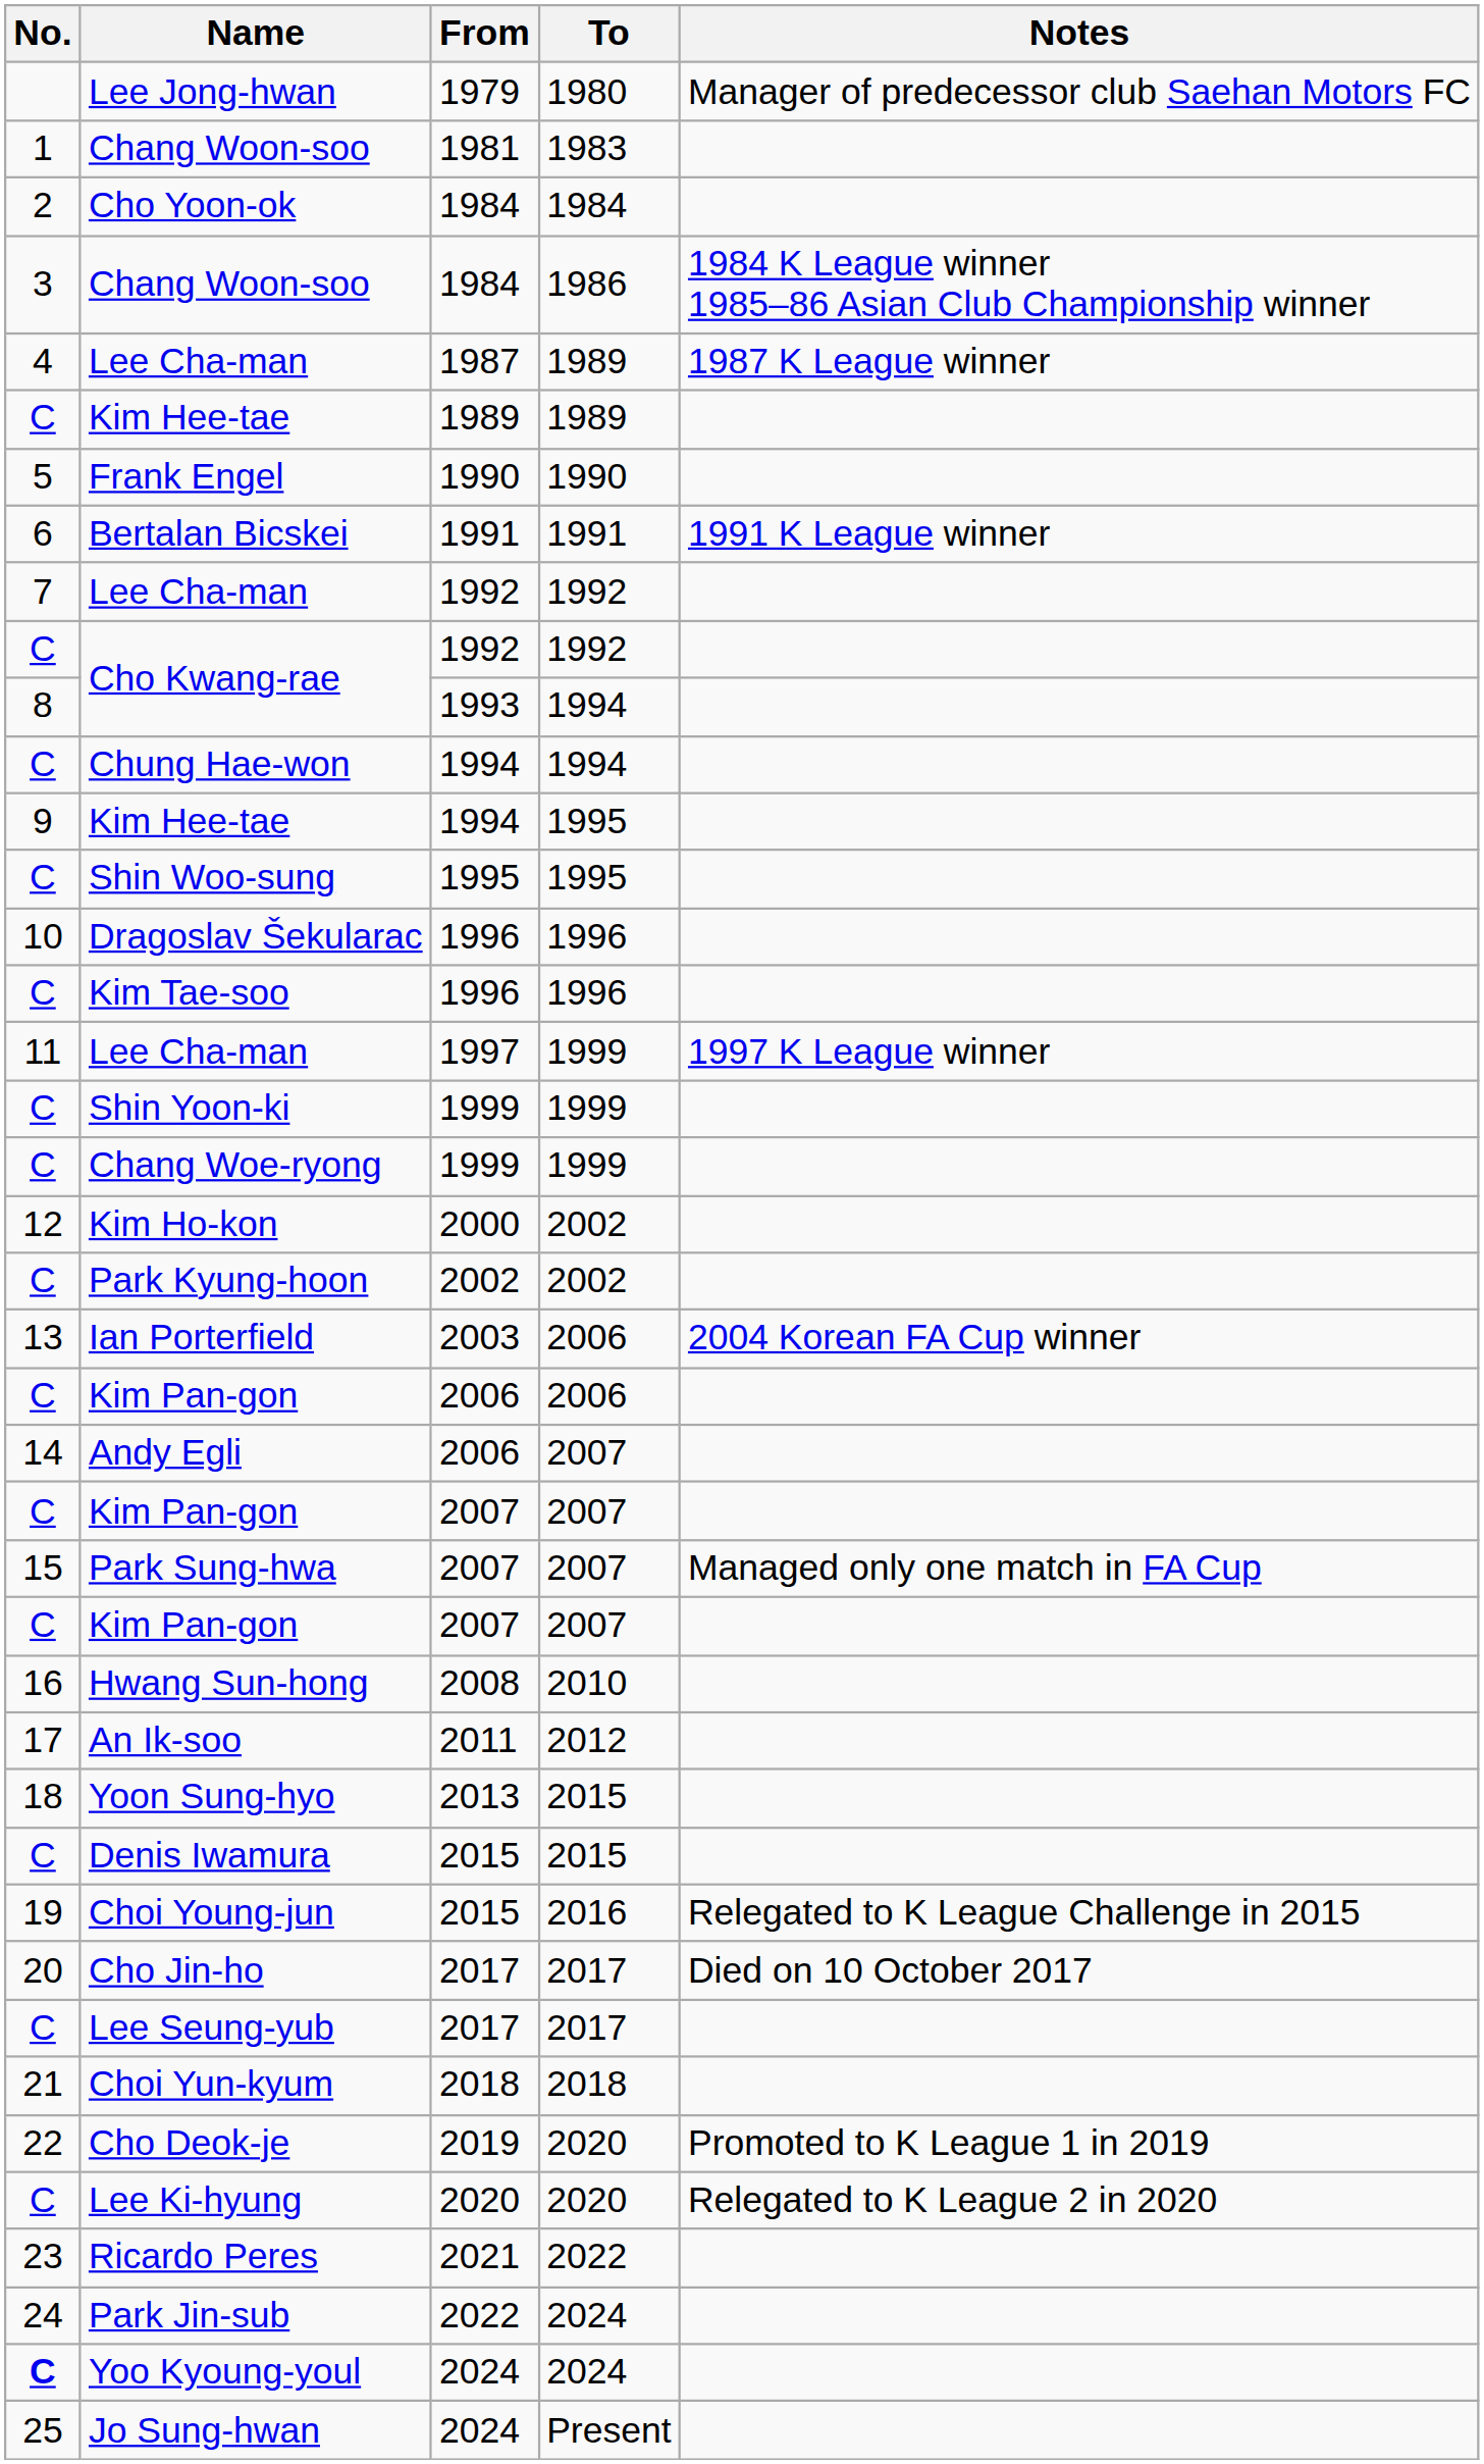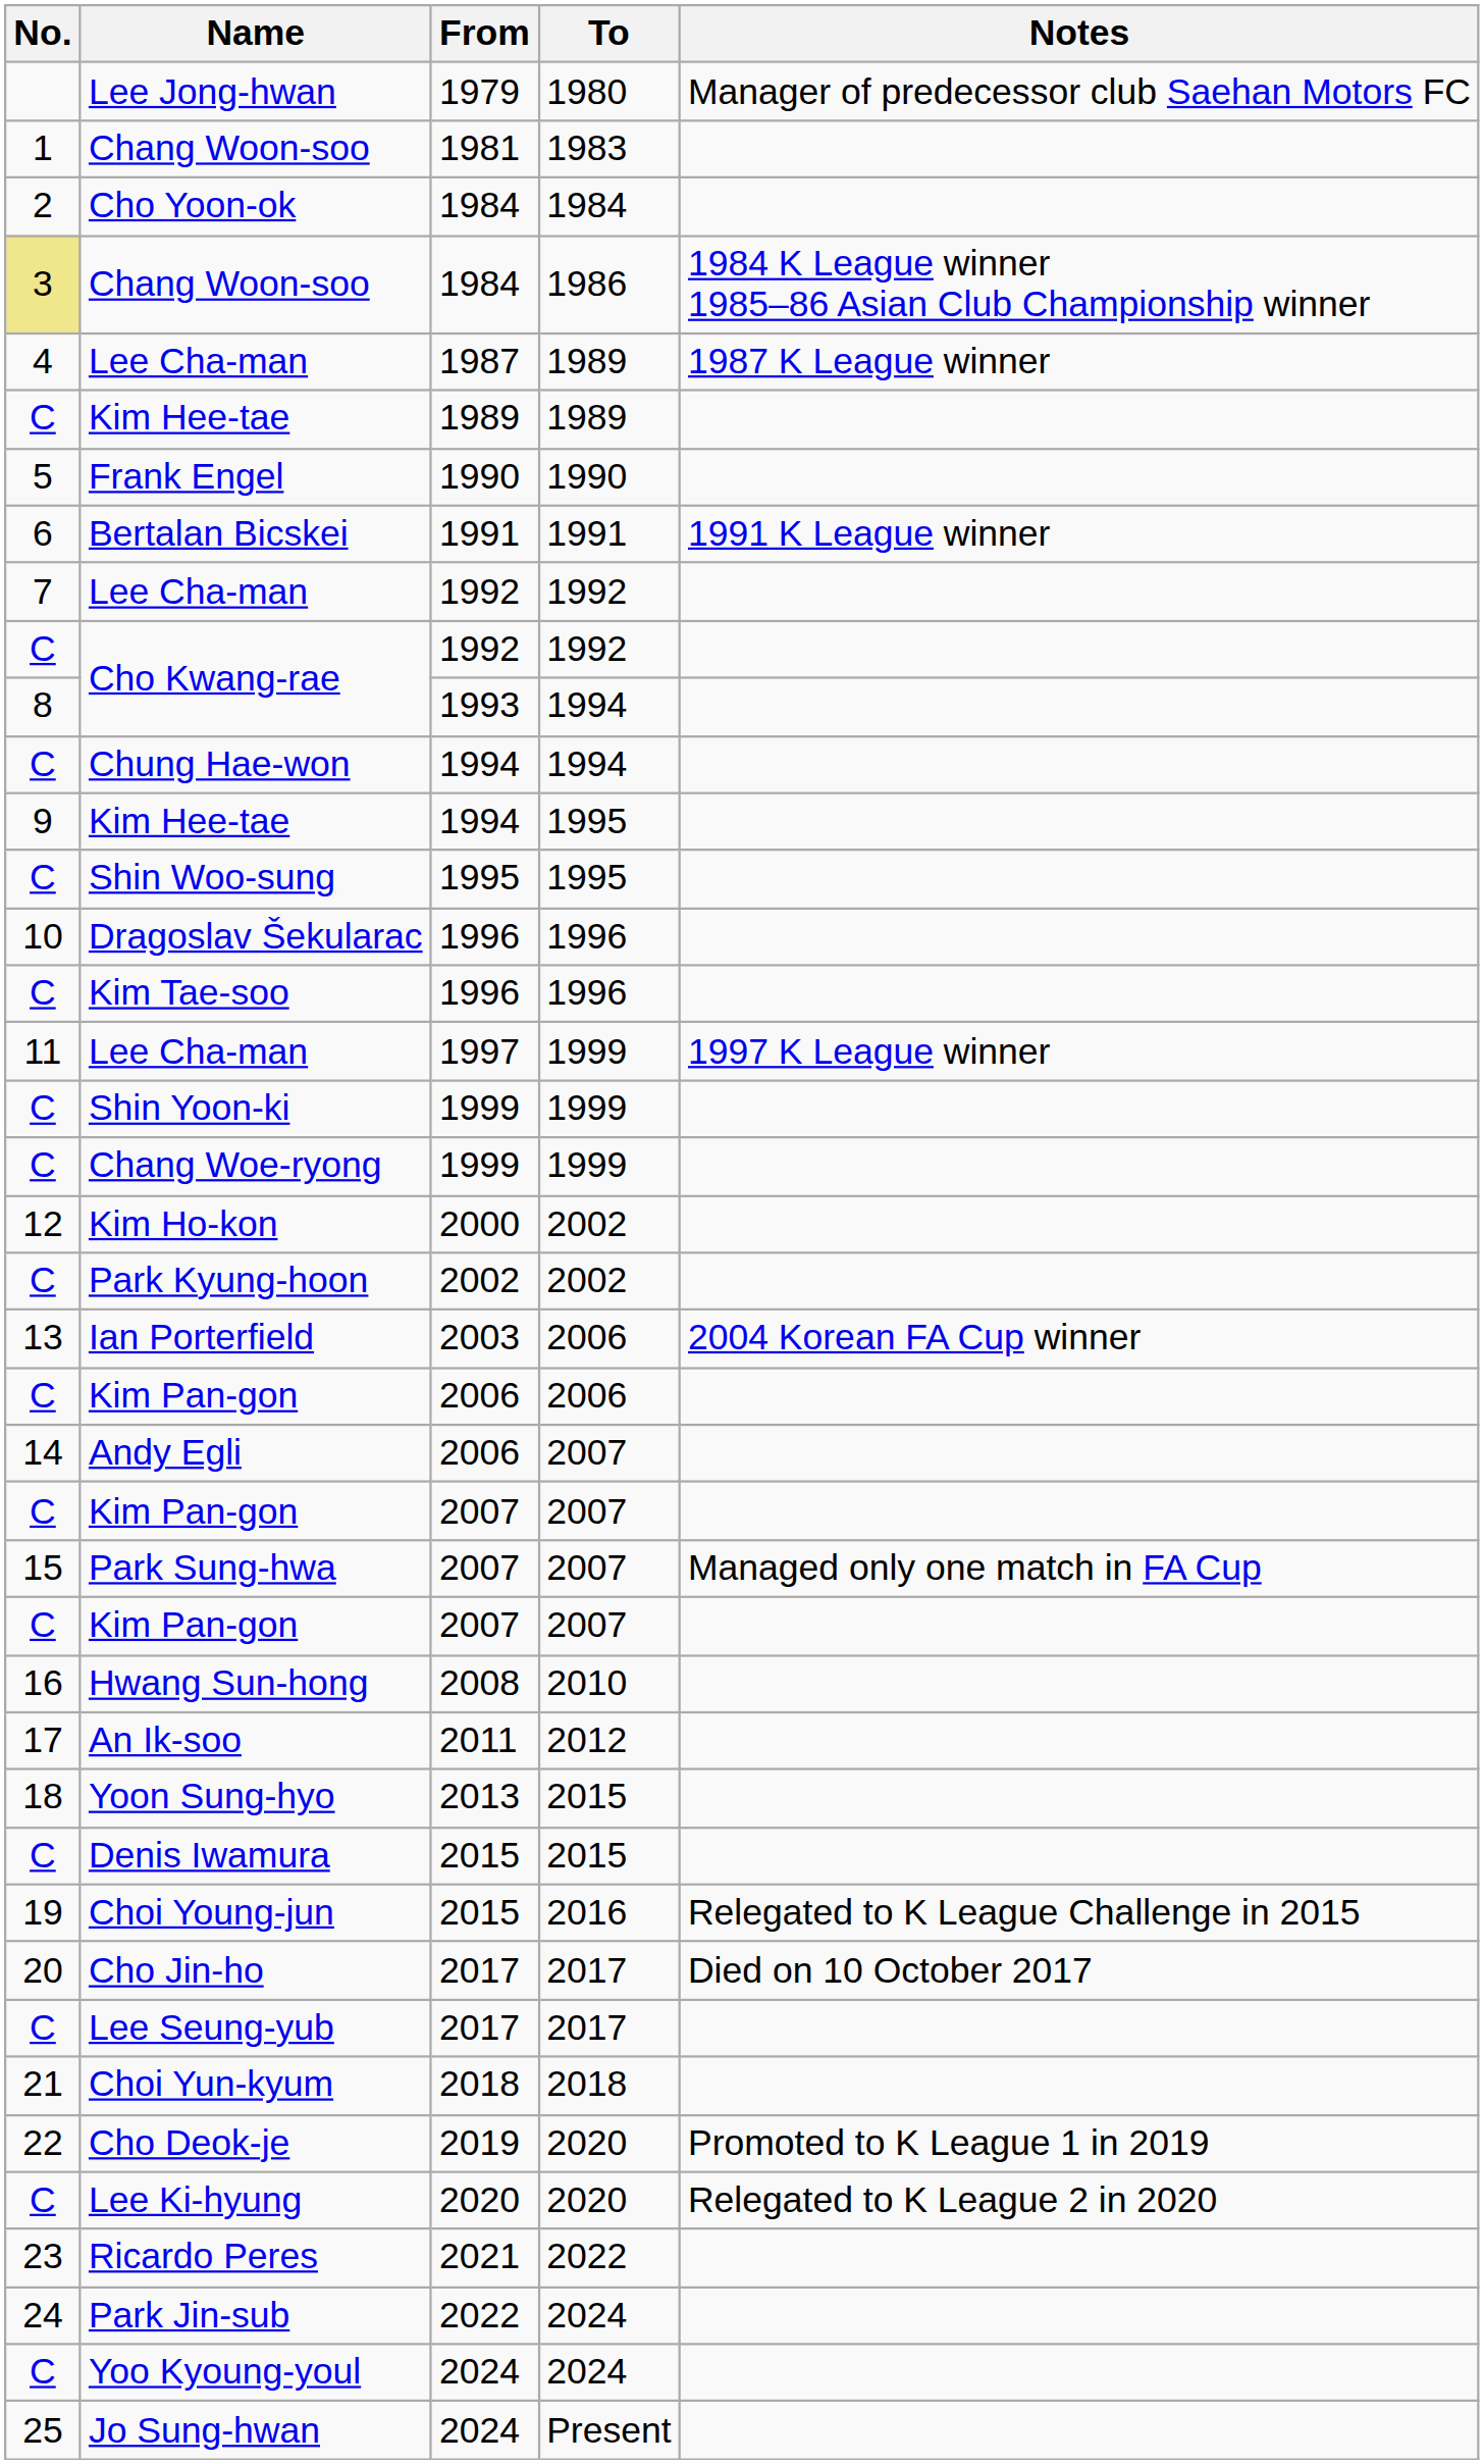 <table class="wikitable">
 <tr>
 <th>No.</th>
 <th>Name</th>
 <th>From</th>
 <th>To</th>
 <th>Notes</th>
 </tr>
 <tr>
 <td></td>
 <td> <a href='#'>Lee Jong-hwan</a></td>
 <td>1979</td>
 <td>1980</td>
 <td>Manager of predecessor club <a href='#'>Saehan Motors</a> FC</td>
 </tr>
 <tr>
 <td align=center>1</td>
 <td> <a href='#'>Chang Woon-soo</a></td>
 <td>1981</td>
 <td>1983</td>
 <td></td>
 </tr>
 <tr>
 <td align=center>2</td>
 <td> <a href='#'>Cho Yoon-ok</a></td>
 <td>1984</td>
 <td>1984</td>
 <td></td>
 </tr>
 <tr>
-<td align=center>3</td>
+<td align=center style="background: khaki;">3</td>
 <td> <a href='#'>Chang Woon-soo</a></td>
 <td>1984</td>
 <td>1986</td>
 <td><a href='#'>1984 K League</a> winner<br><a href='#'>1985–86 Asian Club Championship</a> winner</td>
 </tr>
 <tr>
 <td align=center>4</td>
 <td> <a href='#'>Lee Cha-man</a></td>
 <td>1987</td>
 <td>1989</td>
 <td><a href='#'>1987 K League</a> winner</td>
 </tr>
 <tr>
 <td align=center><a href='#'>C</a></td>
 <td> <a href='#'>Kim Hee-tae</a></td>
 <td>1989</td>
 <td>1989</td>
 <td></td>
 </tr>
 <tr>
 <td align=center>5</td>
 <td> <a href='#'>Frank Engel</a></td>
 <td>1990</td>
 <td>1990</td>
 <td></td>
 </tr>
 <tr>
 <td align=center>6</td>
 <td> <a href='#'>Bertalan Bicskei</a></td>
 <td>1991</td>
 <td>1991</td>
 <td><a href='#'>1991 K League</a> winner</td>
 </tr>
 <tr>
 <td align=center>7</td>
 <td> <a href='#'>Lee Cha-man</a></td>
 <td>1992</td>
 <td>1992</td>
 <td></td>
 </tr>
 <tr>
 <td align=center><a href='#'>C</a></td>
 <td rowspan="2"> <a href='#'>Cho Kwang-rae</a></td>
 <td>1992</td>
 <td>1992</td>
 <td></td>
 </tr>
 <tr>
 <td align=center>8</td>
 <td>1993</td>
 <td>1994</td>
 <td></td>
 </tr>
 <tr>
 <td align=center><a href='#'>C</a></td>
 <td> <a href='#'>Chung Hae-won</a></td>
 <td>1994</td>
 <td>1994</td>
 <td></td>
 </tr>
 <tr>
 <td align=center>9</td>
 <td> <a href='#'>Kim Hee-tae</a></td>
 <td>1994</td>
 <td>1995</td>
 <td></td>
 </tr>
 <tr>
 <td align=center><a href='#'>C</a></td>
 <td> <a href='#'>Shin Woo-sung</a></td>
 <td>1995</td>
 <td>1995</td>
 <td></td>
 </tr>
 <tr>
 <td align=center>10</td>
 <td> <a href='#'>Dragoslav Šekularac</a></td>
 <td>1996</td>
 <td>1996</td>
 <td></td>
 </tr>
 <tr>
 <td align=center><a href='#'>C</a></td>
 <td> <a href='#'>Kim Tae-soo</a></td>
 <td>1996</td>
 <td>1996</td>
 <td></td>
 </tr>
 <tr>
 <td align=center>11</td>
 <td> <a href='#'>Lee Cha-man</a></td>
 <td>1997</td>
 <td>1999</td>
 <td><a href='#'>1997 K League</a> winner</td>
 </tr>
 <tr>
 <td align=center><a href='#'>C</a></td>
 <td> <a href='#'>Shin Yoon-ki</a></td>
 <td>1999</td>
 <td>1999</td>
 <td></td>
 </tr>
 <tr>
 <td align=center><a href='#'>C</a></td>
 <td> <a href='#'>Chang Woe-ryong</a></td>
 <td>1999</td>
 <td>1999</td>
 <td></td>
 </tr>
 <tr>
 <td align=center>12</td>
 <td> <a href='#'>Kim Ho-kon</a></td>
 <td>2000</td>
 <td>2002</td>
 <td></td>
 </tr>
 <tr>
 <td align=center><a href='#'>C</a></td>
 <td> <a href='#'>Park Kyung-hoon</a></td>
 <td>2002</td>
 <td>2002</td>
 <td></td>
 </tr>
 <tr>
 <td align=center>13</td>
 <td> <a href='#'>Ian Porterfield</a></td>
 <td>2003</td>
 <td>2006</td>
 <td><a href='#'>2004 Korean FA Cup</a> winner</td>
 </tr>
 <tr>
 <td align=center><a href='#'>C</a></td>
 <td> <a href='#'>Kim Pan-gon</a></td>
 <td>2006</td>
 <td>2006</td>
 <td></td>
 </tr>
 <tr>
 <td align=center>14</td>
 <td> <a href='#'>Andy Egli</a></td>
 <td>2006</td>
 <td>2007</td>
 <td></td>
 </tr>
 <tr>
 <td align=center><a href='#'>C</a></td>
 <td> <a href='#'>Kim Pan-gon</a></td>
 <td>2007</td>
 <td>2007</td>
 <td></td>
 </tr>
 <tr>
 <td align=center>15</td>
 <td> <a href='#'>Park Sung-hwa</a></td>
 <td>2007</td>
 <td>2007</td>
 <td>Managed only one match in <a href='#'>FA Cup</a></td>
 </tr>
 <tr>
 <td align=center><a href='#'>C</a></td>
 <td> <a href='#'>Kim Pan-gon</a></td>
 <td>2007</td>
 <td>2007</td>
 <td></td>
 </tr>
 <tr>
 <td align=center>16</td>
 <td> <a href='#'>Hwang Sun-hong</a></td>
 <td>2008</td>
 <td>2010</td>
 <td></td>
 </tr>
 <tr>
 <td align=center>17</td>
 <td> <a href='#'>An Ik-soo</a></td>
 <td>2011</td>
 <td>2012</td>
 <td></td>
 </tr>
 <tr>
 <td align=center>18</td>
 <td> <a href='#'>Yoon Sung-hyo</a></td>
 <td>2013</td>
 <td>2015</td>
 <td></td>
 </tr>
 <tr>
 <td align=center><a href='#'>C</a></td>
 <td> <a href='#'>Denis Iwamura</a></td>
 <td>2015</td>
 <td>2015</td>
 <td></td>
 </tr>
 <tr>
 <td align=center>19</td>
 <td> <a href='#'>Choi Young-jun</a></td>
 <td>2015</td>
 <td>2016</td>
 <td>Relegated to K League Challenge in 2015</td>
 </tr>
 <tr>
 <td align=center>20</td>
 <td> <a href='#'>Cho Jin-ho</a></td>
 <td>2017</td>
 <td>2017</td>
 <td>Died on 10 October 2017</td>
 </tr>
 <tr>
 <td align=center><a href='#'>C</a></td>
 <td> <a href='#'>Lee Seung-yub</a></td>
 <td>2017</td>
 <td>2017</td>
 <td></td>
 </tr>
 <tr>
 <td align=center>21</td>
 <td> <a href='#'>Choi Yun-kyum</a></td>
 <td>2018</td>
 <td>2018</td>
 <td></td>
 </tr>
 <tr>
 <td align=center>22</td>
 <td> <a href='#'>Cho Deok-je</a></td>
 <td>2019</td>
 <td>2020</td>
 <td>Promoted to K League 1 in 2019</td>
 </tr>
 <tr>
 <td align=center><a href='#'>C</a></td>
 <td> <a href='#'>Lee Ki-hyung</a></td>
 <td>2020</td>
 <td>2020</td>
 <td>Relegated to K League 2 in 2020</td>
 </tr>
 <tr>
 <td align=center>23</td>
 <td> <a href='#'>Ricardo Peres</a></td>
 <td>2021</td>
 <td>2022</td>
 <td></td>
 </tr>
 <tr>
 <td align=center>24</td>
 <td> <a href='#'>Park Jin-sub</a></td>
 <td>2022</td>
 <td>2024</td>
 <td></td>
 </tr>
 <tr>
-<td align=center><strong><a href='#'>C</a></strong></td>
+<td align=center><a href='#'>C</a></td>
 <td> <a href='#'>Yoo Kyoung-youl</a></td>
 <td>2024</td>
 <td>2024</td>
 <td></td>
 </tr>
 <tr>
 <td align=center>25</td>
 <td> <a href='#'>Jo Sung-hwan</a></td>
 <td>2024</td>
 <td>Present</td>
 <td></td>
 </tr>
 </table>
